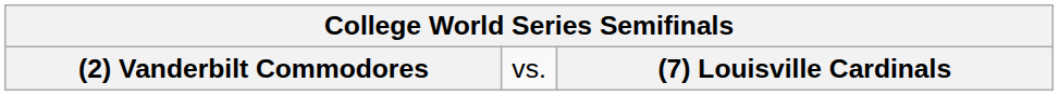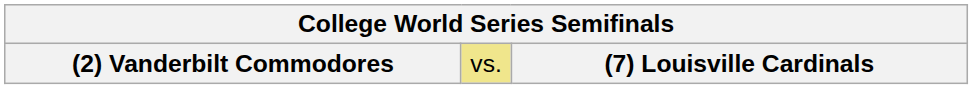 <table class="wikitable">
 <tr>
 <th style="width: 604px;" colspan=3>College World Series Semifinals</th>
 </tr>
 <tr>
 <th style="width: 289px; ">(2) Vanderbilt Commodores</th>
-<td style="width: 25px; text-align:center">vs.</td>
+<td style="background: khaki; width: 25px; text-align:center">vs.</td>
 <th style="width: 289px; ">(7) Louisville Cardinals</th>
 </tr>
 </table>
